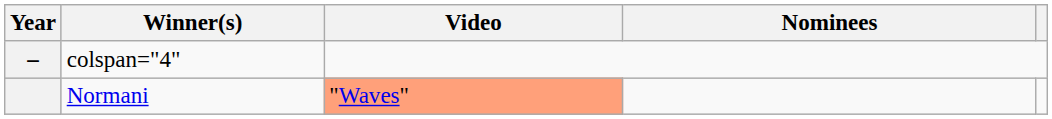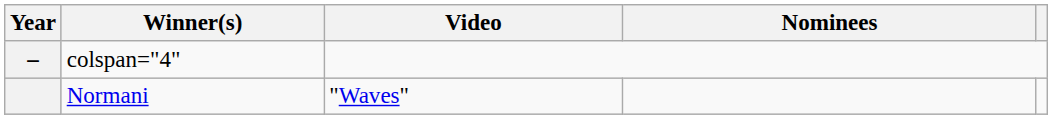 <table class="wikitable sortable">
 <tr>
 <th scope="col">Year</th>
 <th scope="col" style="width:175px;">Winner(s)</th>
 <th scope="col" style="width:200px;">Video</th>
 <th scope="col" style="width:280px;">Nominees</th>
 <th scope="col" class="unsortable"></th>
 </tr>
 <tr>
 <th scope="row"> – </th>
 <td>colspan="4" </td>
 </tr>
 <tr>
 <th scope="row"></th>
 <td><a href='#'>Normani</a> </td>
-<td style="background: lightsalmon;">"<a href='#'>Waves</a>"</td>
+<td>"<a href='#'>Waves</a>"</td>
 <td></td>
 <td align="center"></td>
 </tr>
 </table>
